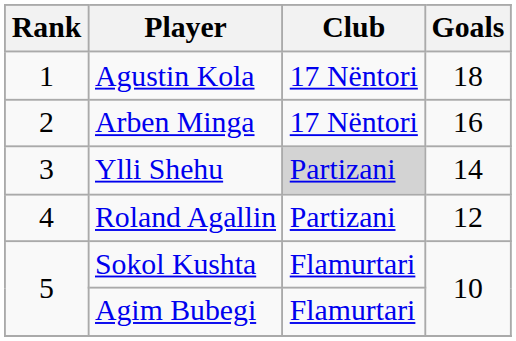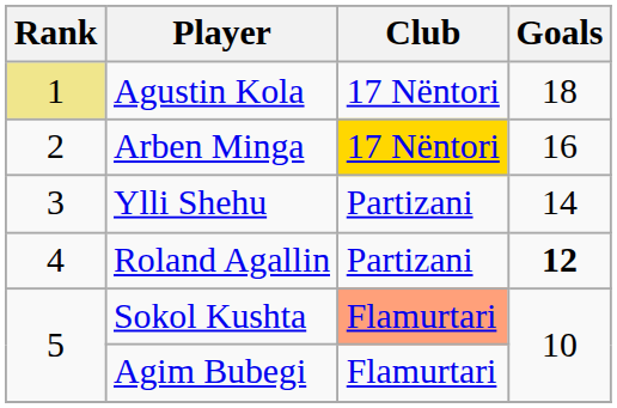 <table class="wikitable" style="text-align:center">
 <tr>
 <th>Rank</th>
 <th>Player</th>
 <th>Club</th>
 <th>Goals</th>
 </tr>
 <tr>
-<td>1</td>
+<td style="background: khaki;">1</td>
 <td align="left"> <a href='#'>Agustin Kola</a></td>
 <td align="left"><a href='#'>17 Nëntori</a></td>
 <td>18</td>
 </tr>
 <tr>
 <td>2</td>
 <td align="left"> <a href='#'>Arben Minga</a></td>
-<td align="left"><a href='#'>17 Nëntori</a></td>
+<td align="left" style="background: gold;"><a href='#'>17 Nëntori</a></td>
 <td>16</td>
 </tr>
 <tr>
 <td>3</td>
 <td align="left"> <a href='#'>Ylli Shehu</a></td>
-<td align="left" style="background: lightgrey;"><a href='#'>Partizani</a></td>
+<td align="left"><a href='#'>Partizani</a></td>
 <td>14</td>
 </tr>
 <tr>
 <td>4</td>
 <td align="left"> <a href='#'>Roland Agallin</a></td>
 <td align="left"><a href='#'>Partizani</a></td>
-<td>12</td>
+<td><strong>12</strong></td>
 </tr>
 <tr>
 <td rowspan="2">5</td>
 <td align="left"> <a href='#'>Sokol Kushta</a></td>
-<td align="left"><a href='#'>Flamurtari</a></td>
+<td align="left" style="background: lightsalmon;"><a href='#'>Flamurtari</a></td>
 <td rowspan="2">10</td>
 </tr>
 <tr>
 <td align="left"> <a href='#'>Agim Bubegi</a></td>
 <td align="left"><a href='#'>Flamurtari</a></td>
 </tr>
 <tr>
 </tr>
 </table>
